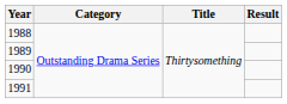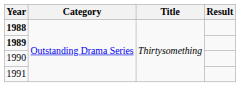 <table class="wikitable">
 <tr>
 <th>Year</th>
 <th>Category</th>
 <th>Title</th>
 <th>Result</th>
 </tr>
 <tr>
-<td>1988</td>
+<td><strong>1988</strong></td>
 <td rowspan=4><a href='#'>Outstanding Drama Series</a></td>
 <td rowspan=4><em>Thirtysomething</em></td>
 <td></td>
 </tr>
 <tr>
-<td>1989</td>
+<td><strong>1989</strong></td>
 <td></td>
 </tr>
 <tr>
 <td>1990</td>
 <td></td>
 </tr>
 <tr>
 <td>1991</td>
 <td></td>
 </tr>
 </table>
